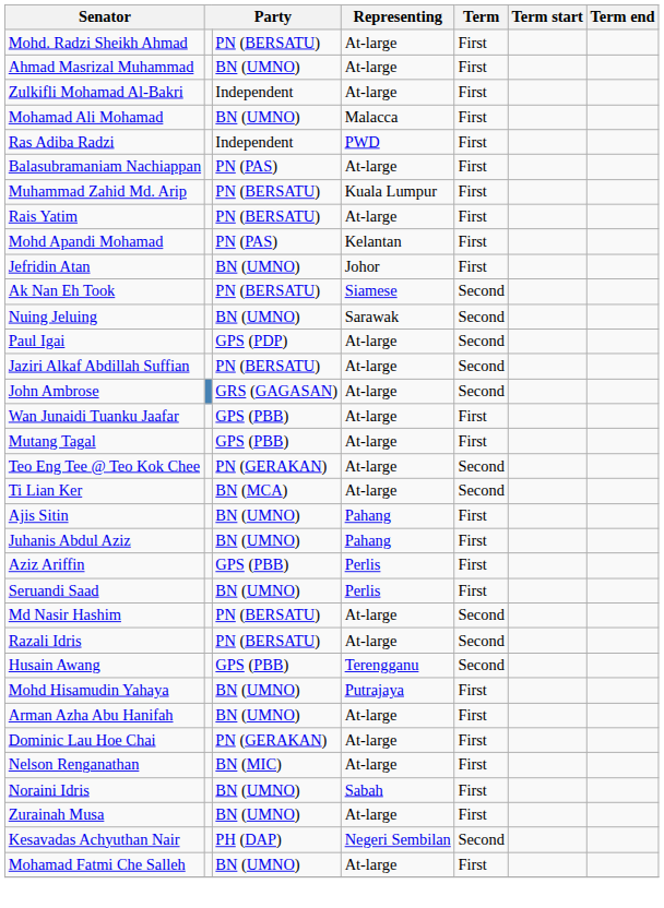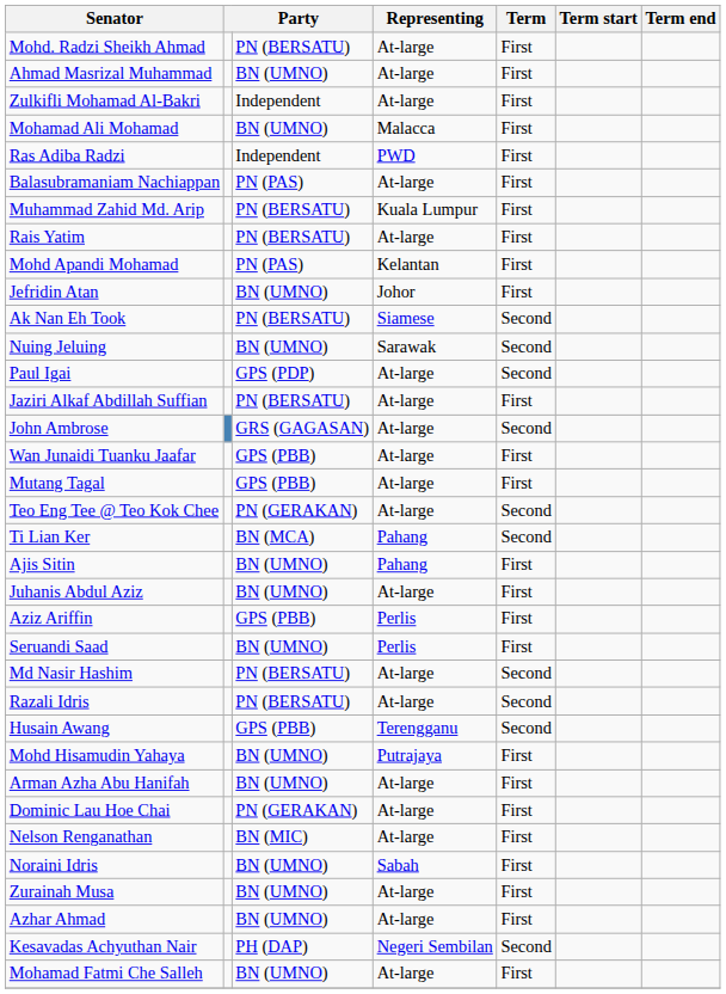 <table class="wikitable">
 <tr>
 <th>Senator</th>
 <th colspan="2">Party</th>
 <th>Representing</th>
 <th>Term</th>
 <th>Term start</th>
 <th>Term end</th>
 </tr>
 <tr>
 <td><a href='#'>Mohd. Radzi Sheikh Ahmad</a><em></em></td>
 <td></td>
 <td><a href='#'>PN</a> (<a href='#'>BERSATU</a>)</td>
 <td>At-large</td>
 <td>First</td>
 <td></td>
 <td></td>
 </tr>
 <tr>
 <td><a href='#'>Ahmad Masrizal Muhammad</a></td>
 <td></td>
 <td><a href='#'>BN</a> (<a href='#'>UMNO</a>)</td>
 <td>At-large</td>
 <td>First</td>
 <td></td>
 <td></td>
 </tr>
 <tr>
 <td><a href='#'>Zulkifli Mohamad Al-Bakri</a></td>
 <td></td>
 <td>Independent</td>
 <td>At-large</td>
 <td>First</td>
 <td></td>
 <td></td>
 </tr>
 <tr>
 <td><a href='#'>Mohamad Ali Mohamad</a></td>
 <td></td>
 <td><a href='#'>BN</a> (<a href='#'>UMNO</a>)</td>
 <td>Malacca</td>
 <td>First</td>
 <td></td>
 <td></td>
 </tr>
 <tr>
 <td><a href='#'>Ras Adiba Radzi</a></td>
 <td></td>
 <td>Independent</td>
 <td><a href='#'>PWD</a></td>
 <td>First</td>
 <td></td>
 <td></td>
 </tr>
 <tr>
 <td><a href='#'>Balasubramaniam Nachiappan</a></td>
 <td></td>
 <td><a href='#'>PN</a> (<a href='#'>PAS</a>)</td>
 <td>At-large</td>
 <td>First</td>
 <td></td>
 <td></td>
 </tr>
 <tr>
 <td><a href='#'>Muhammad Zahid Md. Arip</a></td>
 <td></td>
 <td><a href='#'>PN</a> (<a href='#'>BERSATU</a>)</td>
 <td>Kuala Lumpur</td>
 <td>First</td>
 <td></td>
 <td></td>
 </tr>
 <tr>
 <td><a href='#'>Rais Yatim</a></td>
 <td></td>
 <td><a href='#'>PN</a> (<a href='#'>BERSATU</a>)</td>
 <td>At-large</td>
 <td>First</td>
 <td></td>
 <td></td>
 </tr>
 <tr>
 <td><a href='#'>Mohd Apandi Mohamad</a></td>
 <td></td>
 <td><a href='#'>PN</a> (<a href='#'>PAS</a>)</td>
 <td>Kelantan</td>
 <td>First</td>
 <td></td>
 <td></td>
 </tr>
 <tr>
 <td><a href='#'>Jefridin Atan</a></td>
 <td></td>
 <td><a href='#'>BN</a> (<a href='#'>UMNO</a>)</td>
 <td>Johor</td>
 <td>First</td>
 <td></td>
 <td></td>
 </tr>
 <tr>
 <td><a href='#'>Ak Nan Eh Took</a></td>
 <td></td>
 <td><a href='#'>PN</a> (<a href='#'>BERSATU</a>)</td>
 <td><a href='#'>Siamese</a></td>
 <td>Second</td>
 <td></td>
 <td></td>
 </tr>
 <tr>
 <td><a href='#'>Nuing Jeluing</a></td>
 <td></td>
 <td><a href='#'>BN</a> (<a href='#'>UMNO</a>)</td>
 <td>Sarawak</td>
 <td>Second</td>
 <td></td>
 <td></td>
 </tr>
 <tr>
 <td><a href='#'>Paul Igai</a></td>
 <td></td>
 <td><a href='#'>GPS</a> (<a href='#'>PDP</a>)</td>
 <td>At-large</td>
 <td>Second</td>
 <td></td>
 <td></td>
 </tr>
 <tr>
 <td><a href='#'>Jaziri Alkaf Abdillah Suffian</a></td>
 <td></td>
 <td><a href='#'>PN</a> (<a href='#'>BERSATU</a>)</td>
 <td>At-large</td>
-<td>Second</td>
+<td>First</td>
 <td></td>
 <td></td>
 </tr>
 <tr>
 <td><a href='#'>John Ambrose</a></td>
 <td style="background-color: #4682b4;"></td>
 <td><a href='#'>GRS</a> (<a href='#'>GAGASAN</a>)</td>
 <td>At-large</td>
 <td>Second</td>
 <td></td>
 <td></td>
 </tr>
 <tr>
 <td><a href='#'>Wan Junaidi Tuanku Jaafar</a><em></em></td>
 <td></td>
 <td><a href='#'>GPS</a> (<a href='#'>PBB</a>)</td>
 <td>At-large</td>
 <td>First</td>
 <td></td>
 <td></td>
 </tr>
 <tr>
 <td><a href='#'>Mutang Tagal</a><em></em></td>
 <td></td>
 <td><a href='#'>GPS</a> (<a href='#'>PBB</a>)</td>
 <td>At-large</td>
 <td>First</td>
 <td></td>
 <td></td>
 </tr>
 <tr>
 <td><a href='#'>Teo Eng Tee @ Teo Kok Chee</a></td>
 <td></td>
 <td><a href='#'>PN</a> (<a href='#'>GERAKAN</a>)</td>
 <td>At-large</td>
 <td>Second</td>
 <td></td>
 <td></td>
 </tr>
 <tr>
 <td><a href='#'>Ti Lian Ker</a></td>
 <td></td>
 <td><a href='#'>BN</a> (<a href='#'>MCA</a>)</td>
-<td>At-large</td>
+<td><a href='#'>Pahang</a></td>
 <td>Second</td>
 <td></td>
 <td></td>
 </tr>
 <tr>
 <td><a href='#'>Ajis Sitin</a></td>
 <td></td>
 <td><a href='#'>BN</a> (<a href='#'>UMNO</a>)</td>
 <td><a href='#'>Pahang</a></td>
 <td>First</td>
 <td></td>
 <td></td>
 </tr>
 <tr>
 <td><a href='#'>Juhanis Abdul Aziz</a></td>
 <td></td>
 <td><a href='#'>BN</a> (<a href='#'>UMNO</a>)</td>
-<td><a href='#'>Pahang</a></td>
+<td>At-large</td>
 <td>First</td>
 <td></td>
 <td></td>
 </tr>
 <tr>
 <td><a href='#'>Aziz Ariffin</a></td>
 <td></td>
 <td><a href='#'>GPS</a> (<a href='#'>PBB</a>)</td>
 <td><a href='#'>Perlis</a></td>
 <td>First</td>
 <td></td>
 <td></td>
 </tr>
 <tr>
 <td><a href='#'>Seruandi Saad</a></td>
 <td></td>
 <td><a href='#'>BN</a> (<a href='#'>UMNO</a>)</td>
 <td><a href='#'>Perlis</a></td>
 <td>First</td>
 <td></td>
 <td></td>
 </tr>
 <tr>
 <td><a href='#'>Md Nasir Hashim</a></td>
 <td></td>
 <td><a href='#'>PN</a> (<a href='#'>BERSATU</a>)</td>
 <td>At-large</td>
 <td>Second</td>
 <td></td>
 <td></td>
 </tr>
 <tr>
 <td><a href='#'>Razali Idris</a></td>
 <td></td>
 <td><a href='#'>PN</a> (<a href='#'>BERSATU</a>)</td>
 <td>At-large</td>
 <td>Second</td>
 <td></td>
 <td></td>
 </tr>
 <tr>
 <td><a href='#'>Husain Awang</a></td>
 <td></td>
 <td><a href='#'>GPS</a> (<a href='#'>PBB</a>)</td>
 <td><a href='#'>Terengganu</a></td>
 <td>Second</td>
 <td></td>
 <td></td>
 </tr>
 <tr>
 <td><a href='#'>Mohd Hisamudin Yahaya</a></td>
 <td></td>
 <td><a href='#'>BN</a> (<a href='#'>UMNO</a>)</td>
 <td><a href='#'>Putrajaya</a></td>
 <td>First</td>
 <td></td>
 <td></td>
 </tr>
 <tr>
 <td><a href='#'>Arman Azha Abu Hanifah</a></td>
 <td></td>
 <td><a href='#'>BN</a> (<a href='#'>UMNO</a>)</td>
 <td>At-large</td>
 <td>First</td>
 <td></td>
 <td></td>
 </tr>
 <tr>
 <td><a href='#'>Dominic Lau Hoe Chai</a></td>
 <td></td>
 <td><a href='#'>PN</a> (<a href='#'>GERAKAN</a>)</td>
 <td>At-large</td>
 <td>First</td>
 <td></td>
 <td></td>
 </tr>
 <tr>
 <td><a href='#'>Nelson Renganathan</a></td>
 <td></td>
 <td><a href='#'>BN</a> (<a href='#'>MIC</a>)</td>
 <td>At-large</td>
 <td>First</td>
 <td></td>
 <td></td>
 </tr>
 <tr>
 <td><a href='#'>Noraini Idris</a></td>
 <td></td>
 <td><a href='#'>BN</a> (<a href='#'>UMNO</a>)</td>
 <td><a href='#'>Sabah</a></td>
 <td>First</td>
 <td></td>
 <td></td>
 </tr>
 <tr>
 <td><a href='#'>Zurainah Musa</a></td>
 <td></td>
 <td><a href='#'>BN</a> (<a href='#'>UMNO</a>)</td>
 <td>At-large</td>
 <td>First</td>
 <td></td>
 <td></td>
 </tr>
 <tr>
+<td><a href='#'>Azhar Ahmad</a></td>
+<td></td>
+<td><a href='#'>BN</a> (<a href='#'>UMNO</a>)</td>
+<td>At-large</td>
+<td>First</td>
+<td></td>
+<td></td>
+</tr>
+<tr>
 <td><a href='#'>Kesavadas Achyuthan Nair</a></td>
 <td></td>
 <td><a href='#'>PH</a> (<a href='#'>DAP</a>)</td>
 <td><a href='#'>Negeri Sembilan</a></td>
 <td>Second</td>
 <td></td>
 <td></td>
 </tr>
 <tr>
 <td><a href='#'>Mohamad Fatmi Che Salleh</a></td>
 <td></td>
 <td><a href='#'>BN</a> (<a href='#'>UMNO</a>)</td>
 <td>At-large</td>
 <td>First</td>
 <td></td>
 <td></td>
 </tr>
 <tr>
 </tr>
 </table>
